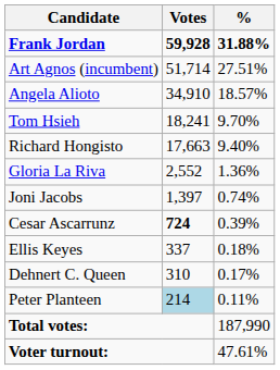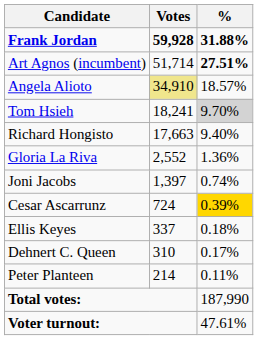 <table class="wikitable">
 <tr>
 <th>Candidate</th>
 <th>Votes</th>
 <th>%</th>
 </tr>
 <tr>
 <td><strong><a href='#'>Frank Jordan</a></strong></td>
 <td><strong>59,928</strong></td>
 <td><strong>31.88%</strong></td>
 </tr>
 <tr>
 <td><a href='#'>Art Agnos</a> (<a href='#'>incumbent</a>)</td>
 <td>51,714</td>
-<td>27.51%</td>
+<td><strong>27.51%</strong></td>
 </tr>
 <tr>
 <td><a href='#'>Angela Alioto</a></td>
-<td>34,910</td>
+<td style="background: khaki;">34,910</td>
 <td>18.57%</td>
 </tr>
 <tr>
 <td><a href='#'>Tom Hsieh</a></td>
 <td>18,241</td>
-<td>9.70%</td>
+<td style="background: lightgrey;">9.70%</td>
 </tr>
 <tr>
 <td>Richard Hongisto</td>
 <td>17,663</td>
 <td>9.40%</td>
 </tr>
 <tr>
 <td><a href='#'>Gloria La Riva</a></td>
 <td>2,552</td>
 <td>1.36%</td>
 </tr>
 <tr>
 <td>Joni Jacobs</td>
 <td>1,397</td>
 <td>0.74%</td>
 </tr>
 <tr>
 <td>Cesar Ascarrunz</td>
-<td><strong>724</strong></td>
-<td>0.39%</td>
+<td>724</td>
+<td style="background: gold;">0.39%</td>
 </tr>
 <tr>
 <td>Ellis Keyes</td>
 <td>337</td>
 <td>0.18%</td>
 </tr>
 <tr>
 <td>Dehnert C. Queen</td>
 <td>310</td>
 <td>0.17%</td>
 </tr>
 <tr>
 <td>Peter Planteen</td>
-<td style="background: lightblue;">214</td>
+<td>214</td>
 <td>0.11%</td>
 </tr>
 <tr>
 <td colspan="2"><strong>Total votes:</strong></td>
 <td>187,990</td>
 </tr>
 <tr>
 <td colspan="2"><strong>Voter turnout:</strong></td>
 <td>47.61%</td>
 </tr>
 </table>
